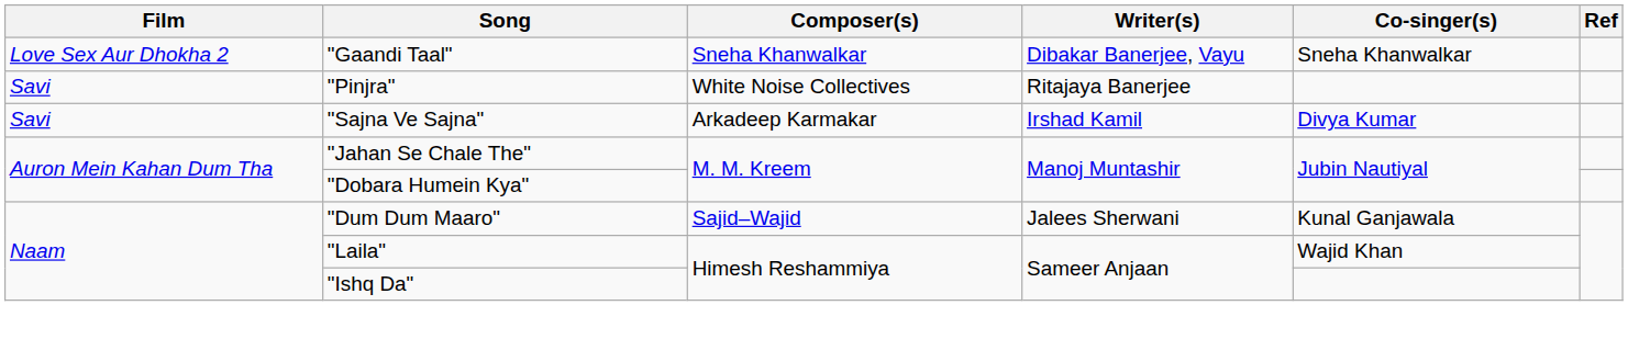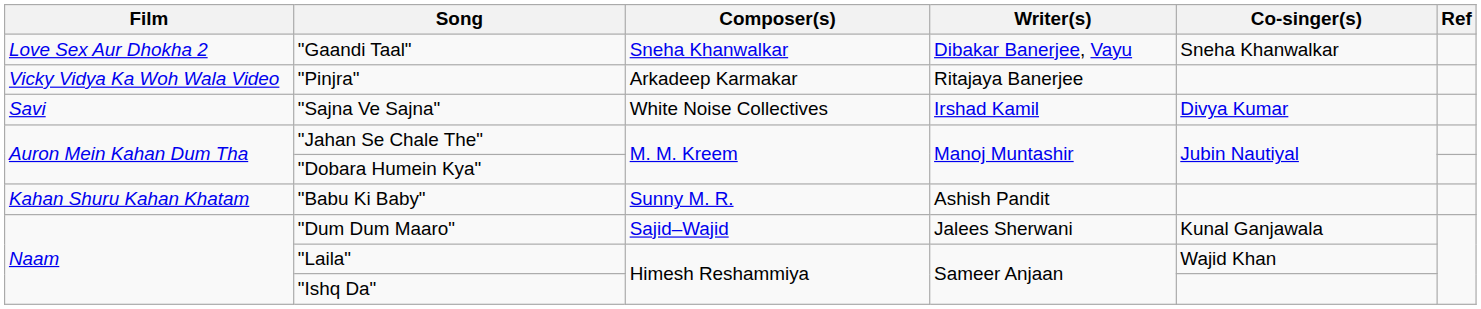 <table class="wikitable">
 <tr>
 <th width=20%>Film</th>
 <th width=23%>Song</th>
 <th width=21%>Composer(s)</th>
 <th width=17%>Writer(s)</th>
 <th width=18%>Co-singer(s)</th>
 <th width=1%>Ref</th>
 </tr>
 <tr>
 <td><em><a href='#'>Love Sex Aur Dhokha 2</a></em></td>
 <td>"Gaandi Taal"</td>
 <td><a href='#'>Sneha Khanwalkar</a></td>
 <td><a href='#'>Dibakar Banerjee</a>, <a href='#'>Vayu</a></td>
 <td>Sneha Khanwalkar</td>
 <td></td>
 </tr>
 <tr>
-<td><em><a href='#'>Savi</a></em></td>
+<td><em><a href='#'>Vicky Vidya Ka Woh Wala Video</a></em></td>
 <td>"Pinjra"</td>
-<td>White Noise Collectives</td>
+<td>Arkadeep Karmakar</td>
 <td>Ritajaya Banerjee</td>
 <td></td>
 <td></td>
 </tr>
 <tr>
 <td><em><a href='#'>Savi</a></em></td>
 <td>"Sajna Ve Sajna"</td>
-<td>Arkadeep Karmakar</td>
+<td>White Noise Collectives</td>
 <td><a href='#'>Irshad Kamil</a></td>
 <td><a href='#'>Divya Kumar</a></td>
 <td></td>
 </tr>
 <tr>
 <td rowspan=2><em><a href='#'>Auron Mein Kahan Dum Tha</a></em></td>
 <td>"Jahan Se Chale The"</td>
 <td rowspan=2><a href='#'>M. M. Kreem</a></td>
 <td rowspan=2><a href='#'>Manoj Muntashir</a></td>
 <td rowspan=2><a href='#'>Jubin Nautiyal</a></td>
 <td></td>
 </tr>
 <tr>
 <td>"Dobara Humein Kya"</td>
+<td></td>
+</tr>
+<tr>
+<td><em><a href='#'>Kahan Shuru Kahan Khatam</a></em></td>
+<td>"Babu Ki Baby"</td>
+<td><a href='#'>Sunny M. R.</a></td>
+<td>Ashish Pandit</td>
+<td></td>
 <td></td>
 </tr>
 <tr>
 <td rowspan=3><em><a href='#'>Naam</a></em></td>
 <td>"Dum Dum Maaro"</td>
 <td><a href='#'>Sajid–Wajid</a></td>
 <td>Jalees Sherwani</td>
 <td>Kunal Ganjawala</td>
 </tr>
 <tr>
 <td>"Laila"</td>
 <td rowspan=2>Himesh Reshammiya</td>
 <td rowspan=2>Sameer Anjaan</td>
 <td>Wajid Khan</td>
 </tr>
 <tr>
 <td>"Ishq Da"</td>
 <td></td>
 </tr>
 </table>
